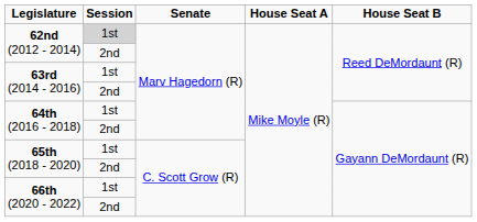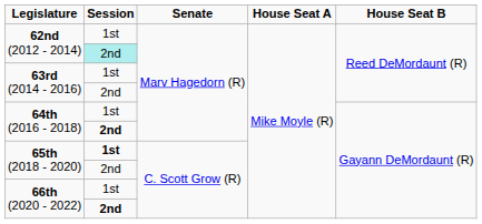 <table class=wikitable style="text-align:center">
 <tr>
 <td><strong>Legislature</strong></td>
 <td><strong>Session</strong></td>
 <td><strong>Senate</strong></td>
 <td><strong>House Seat A</strong></td>
 <td><strong>House Seat B</strong></td>
 </tr>
 <tr>
 <td rowspan="2" colspan="1" style="text-align: center;"><strong>62nd</strong> <br> (2012 - 2014)</td>
-<td style="background: lightgrey;">1st</td>
+<td>1st</td>
 <td rowspan="6" colspan="1" style="text-align: center;" ><a href='#'>Marv Hagedorn</a> (R)</td>
 <td rowspan="10" colspan="1" style="text-align: center;" ><a href='#'>Mike Moyle</a> (R)</td>
 <td rowspan="4" colspan="1" style="text-align: center;" ><a href='#'>Reed DeMordaunt</a> (R)</td>
 </tr>
 <tr>
-<td>2nd</td>
+<td style="background: paleturquoise;">2nd</td>
 </tr>
 <tr>
 <td rowspan="2" colspan="1" style="text-align: center;"><strong>63rd</strong> <br> (2014 - 2016)</td>
 <td>1st</td>
 </tr>
 <tr>
 <td>2nd</td>
 </tr>
 <tr>
 <td rowspan="2" colspan="1" style="text-align: center;"><strong>64th</strong> <br> (2016 - 2018)</td>
 <td>1st</td>
 <td rowspan="6" colspan="1" style="text-align: center;" ><a href='#'>Gayann DeMordaunt</a> (R)</td>
 </tr>
 <tr>
-<td>2nd</td>
+<td><strong>2nd</strong></td>
 </tr>
 <tr>
 <td rowspan="2" colspan="1" style="text-align: center;"><strong>65th</strong> <br> (2018 - 2020)</td>
-<td>1st</td>
+<td><strong>1st</strong></td>
 <td rowspan="4" colspan="1" style="text-align: center;" ><a href='#'>C. Scott Grow</a> (R)</td>
 </tr>
 <tr>
 <td>2nd</td>
 </tr>
 <tr>
 <td rowspan="2" colspan="1" style="text-align: center;"><strong>66th</strong> <br> (2020 - 2022)</td>
 <td>1st</td>
 </tr>
 <tr>
-<td>2nd</td>
+<td><strong>2nd</strong></td>
 </tr>
 </table>
